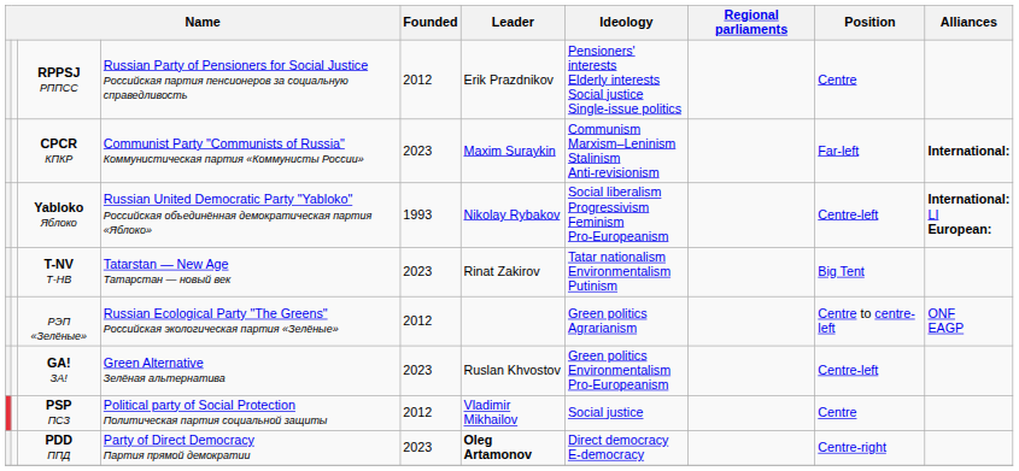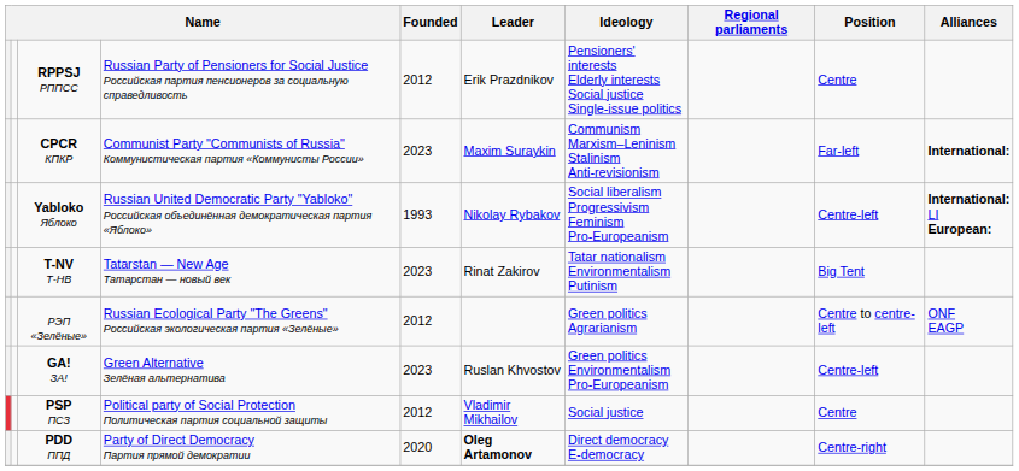 <table class="wikitable sortable">
 <tr>
 <th colspan=4>Name</th>
 <th>Founded</th>
 <th>Leader</th>
 <th>Ideology</th>
 <th><a href='#'>Regional parliaments</a></th>
 <th>Position</th>
 <th>Alliances</th>
 </tr>
 <tr>
 <th style="background-color: "></th>
 <td></td>
 <td align=center><strong>RPPSJ</strong><br><small><em>РППСС</em></small></td>
 <td><a href='#'>Russian Party of Pensioners for Social Justice</a><br><small><em>Российская партия пенсионеров за социальную справедливость</em></small></td>
 <td>2012</td>
 <td>Erik Prazdnikov</td>
 <td><a href='#'>Pensioners' interests</a><br><a href='#'>Elderly interests</a><br><a href='#'>Social justice</a><br><a href='#'>Single-issue politics</a></td>
 <td></td>
 <td><a href='#'>Centre</a></td>
 <td></td>
 </tr>
 <tr>
 <th style="background-color: "></th>
 <td></td>
 <td align=center><strong>CPCR</strong><br><small><em>КПКР</em></small></td>
 <td><a href='#'>Communist Party "Communists of Russia"</a><br><small><em>Коммунистическая партия «Коммунисты России»</em></small></td>
 <td>2023</td>
 <td><a href='#'>Maxim Suraykin</a></td>
 <td><a href='#'>Communism</a><br><a href='#'>Marxism–Leninism</a><br><a href='#'>Stalinism</a><br><a href='#'>Anti-revisionism</a></td>
 <td></td>
 <td><a href='#'>Far-left</a></td>
 <td><strong>International:</strong><br></td>
 </tr>
 <tr>
 <th style="background-color: "></th>
 <td></td>
 <td align=center><strong>Yabloko</strong><br><small><em>Яблоко</em></small></td>
 <td><a href='#'>Russian United Democratic Party "Yabloko"</a><br><small><em>Российская объединённая демократическая партия «Яблоко»</em></small></td>
 <td>1993</td>
 <td><a href='#'>Nikolay Rybakov</a></td>
 <td><a href='#'>Social liberalism</a><br><a href='#'>Progressivism</a><br><a href='#'>Feminism</a><br><a href='#'>Pro-Europeanism</a></td>
 <td></td>
 <td><a href='#'>Centre-left</a></td>
 <td><strong>International:</strong><br><a href='#'>LI</a><br><strong>European:</strong><br></td>
 </tr>
 <tr>
 <th style="background-color: "></th>
 <td></td>
 <td align=center><strong>T-NV</strong><br><small><em>Т-НВ</em></small></td>
 <td><a href='#'>Tatarstan — New Age</a><br><small><em>Татарстан — новый век</em></small></td>
 <td>2023</td>
 <td>Rinat Zakirov</td>
 <td><a href='#'>Tatar nationalism</a><br><a href='#'>Environmentalism</a><br><a href='#'>Putinism</a></td>
 <td></td>
 <td><a href='#'>Big Tent</a></td>
 </tr>
 <tr>
 <th style="background-color: "></th>
 <td></td>
 <td align=center><br><small><em>РЭП «Зелёные»</em></small></td>
 <td><a href='#'>Russian Ecological Party "The Greens"</a><br><small><em>Российская экологическая партия «Зелёные»</em></small></td>
 <td>2012</td>
 <td></td>
 <td><a href='#'>Green politics</a><br><a href='#'>Agrarianism</a></td>
 <td></td>
 <td><a href='#'>Centre</a> to <a href='#'>centre-left</a></td>
 <td><a href='#'>ONF</a><br><a href='#'>EAGP</a></td>
 </tr>
 <tr>
 <th style="background-color: "></th>
 <td></td>
 <td align=center><strong>GA!</strong><br><small><em>ЗА!</em></small></td>
 <td><a href='#'>Green Alternative</a><br><small><em>Зелёная альтернатива</em></small></td>
 <td>2023</td>
 <td>Ruslan Khvostov</td>
 <td><a href='#'>Green politics</a><br><a href='#'>Environmentalism</a><br><a href='#'>Pro-Europeanism</a></td>
 <td></td>
 <td><a href='#'>Centre-left</a></td>
 <td></td>
 </tr>
 <tr>
 <th style="background: #e62f3a;"></th>
 <td></td>
 <td align=center><strong>PSP</strong><br><small><em>ПСЗ</em></small></td>
 <td><a href='#'>Political party of Social Protection</a><br><small><em>Политическая партия социальной защиты</em></small></td>
 <td>2012</td>
 <td><a href='#'>Vladimir Mikhailov</a></td>
 <td><a href='#'>Social justice</a></td>
 <td></td>
 <td><a href='#'>Centre</a></td>
 <td></td>
 </tr>
 <tr>
 <th style="background-color: "></th>
 <td></td>
 <td align=center><strong>PDD</strong><br><small><em>ППД</em></small></td>
 <td><a href='#'>Party of Direct Democracy</a><br><small><em>Партия прямой демократии</em></small></td>
-<td>2023</td>
+<td>2020</td>
 <td><strong>Oleg Artamonov</strong></td>
 <td><a href='#'>Direct democracy</a><br><a href='#'>E-democracy</a></td>
 <td></td>
 <td><a href='#'>Centre-right</a></td>
 <td></td>
 </tr>
 <tr>
 </tr>
 </table>
